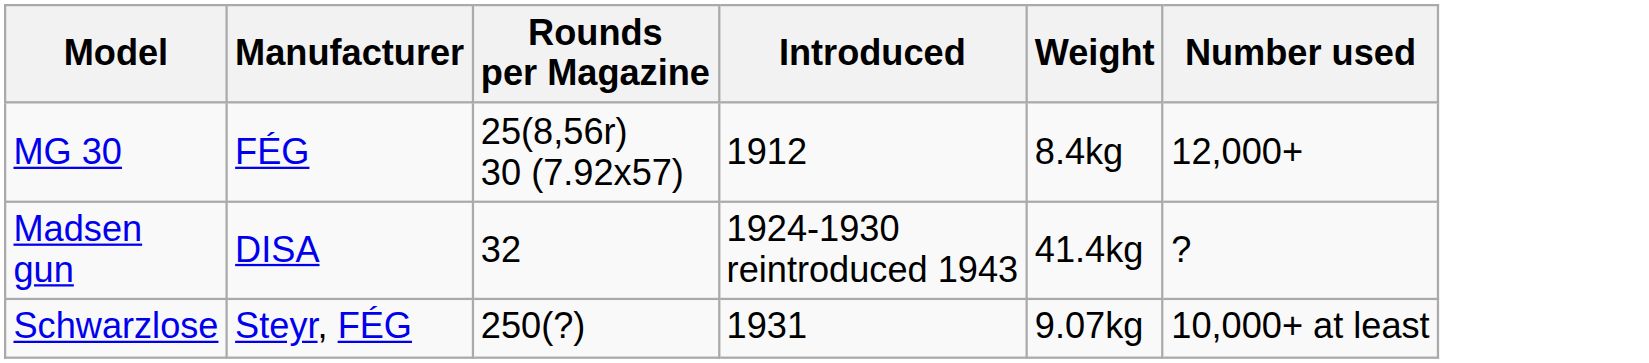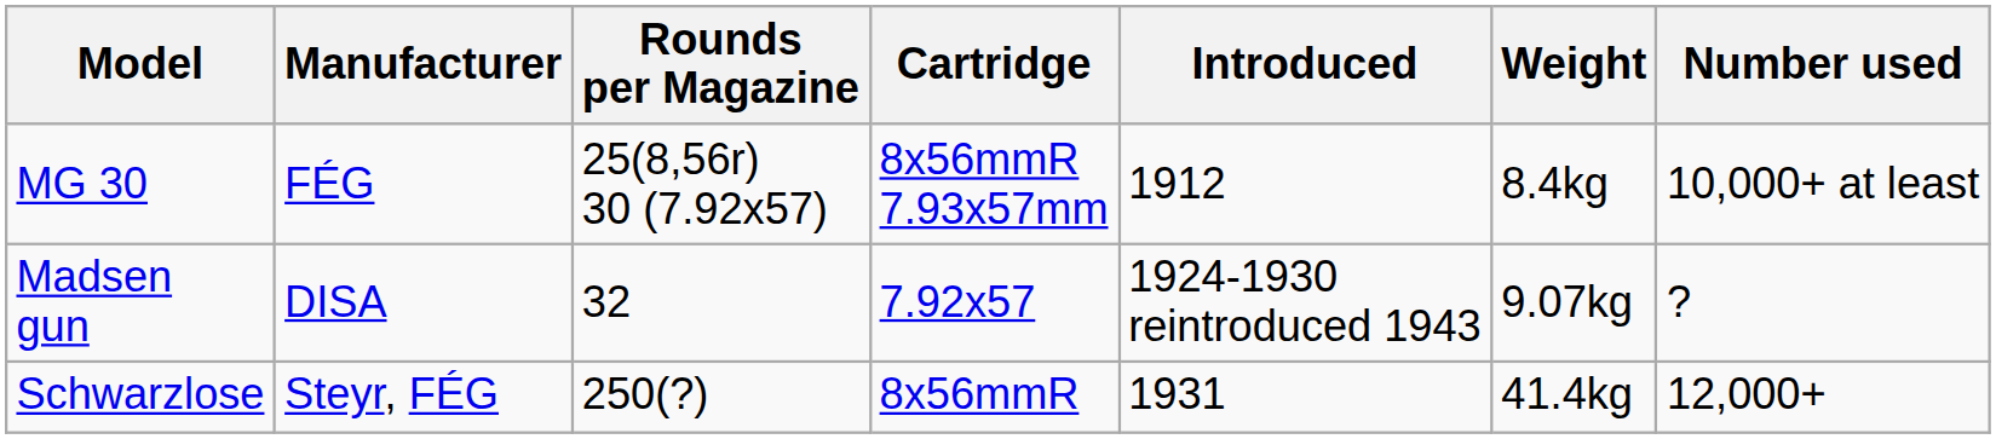 <table class="wikitable">
 <tr>
 <th>Model</th>
 <th>Manufacturer</th>
 <th>Rounds<br>per Magazine</th>
+<th>Cartridge</th>
 <th>Introduced</th>
 <th>Weight</th>
 <th>Number used</th>
 </tr>
 <tr>
 <td><a href='#'>MG 30</a></td>
 <td><a href='#'>FÉG</a></td>
 <td>25(8,56r)<br>30 (7.92x57)</td>
+<td><a href='#'>8x56mmR</a><br><a href='#'>7.93x57mm</a></td>
 <td>1912</td>
 <td>8.4kg</td>
-<td>12,000+</td>
+<td>10,000+ at least</td>
 </tr>
 <tr>
 <td><a href='#'>Madsen</a><br><a href='#'>gun</a></td>
 <td><a href='#'>DISA</a></td>
 <td>32</td>
+<td><a href='#'>7.92x57</a></td>
 <td>1924-1930<br>reintroduced 1943</td>
-<td>41.4kg</td>
+<td>9.07kg</td>
 <td>?</td>
 </tr>
 <tr>
 <td><a href='#'>Schwarzlose</a></td>
 <td><a href='#'>Steyr</a>, <a href='#'>FÉG</a></td>
 <td>250(?)</td>
+<td><a href='#'>8x56mmR</a></td>
 <td>1931</td>
-<td>9.07kg</td>
-<td>10,000+ at least</td>
+<td>41.4kg</td>
+<td>12,000+</td>
 </tr>
 </table>
